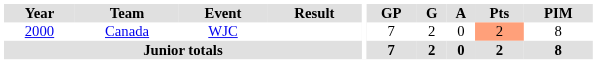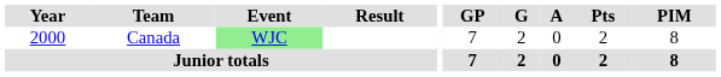 <table border="0" cellpadding="1" cellspacing="0" ID="Table3" style="text-align:center; width:40em">
 <tr ALIGN="center" bgcolor="#e0e0e0">
 <th>Year</th>
 <th>Team</th>
 <th>Event</th>
 <th>Result</th>
 <th rowspan="99" bgcolor="#ffffff"></th>
 <th>GP</th>
 <th>G</th>
 <th>A</th>
 <th>Pts</th>
 <th>PIM</th>
 </tr>
 <tr>
 <td><a href='#'>2000</a></td>
 <td><a href='#'>Canada</a></td>
-<td><a href='#'>WJC</a></td>
+<td style="background: lightgreen;"><a href='#'>WJC</a></td>
 <td></td>
 <td>7</td>
 <td>2</td>
 <td>0</td>
-<td style="background: lightsalmon;">2</td>
+<td>2</td>
 <td>8</td>
 </tr>
 <tr bgcolor="#e0e0e0">
 <th colspan="4">Junior totals</th>
 <th>7</th>
 <th>2</th>
 <th>0</th>
 <th>2</th>
 <th>8</th>
 </tr>
 </table>
